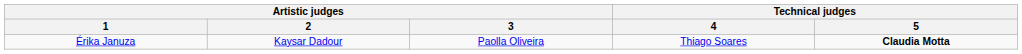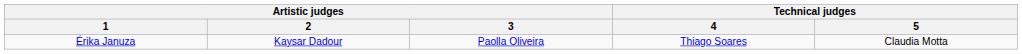 <table class="wikitable" style="font-size:100%; line-height:16px; text-align:center" width="100%">
 <tr>
 <th colspan=3>Artistic judges</th>
 <th colspan=2>Technical judges</th>
 </tr>
 <tr>
 <th width="20.0%">1</th>
 <th width="20.0%">2</th>
 <th width="20.0%">3</th>
 <th width="20.0%">4</th>
 <th width="20.0%">5</th>
 </tr>
 <tr>
 <td><a href='#'>Érika Januza</a></td>
 <td><a href='#'>Kaysar Dadour</a></td>
 <td><a href='#'>Paolla Oliveira</a></td>
 <td><a href='#'>Thiago Soares</a></td>
-<td><strong>Claudia Motta</strong></td>
+<td>Claudia Motta</td>
 </tr>
 </table>
